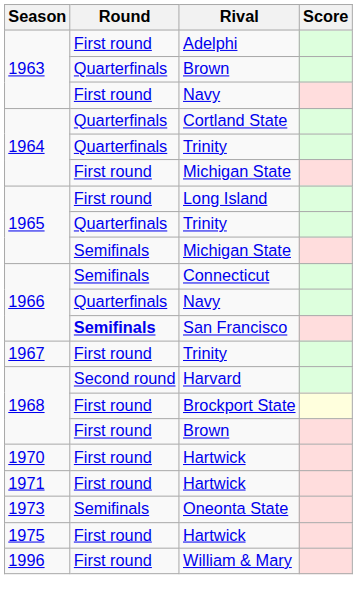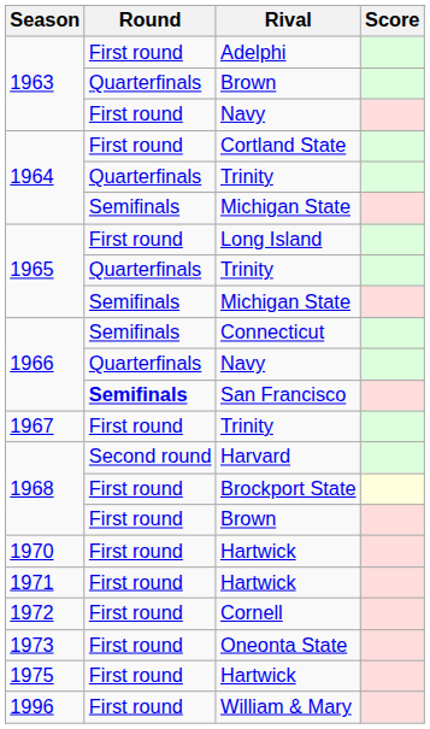 <table class="wikitable">
 <tr>
 <th>Season</th>
 <th>Round</th>
 <th>Rival</th>
 <th>Score</th>
 </tr>
 <tr>
 <td rowspan="3"><a href='#'>1963</a></td>
 <td><a href='#'>First round</a></td>
 <td><a href='#'>Adelphi</a></td>
 <td bgcolor="#ddffdd"></td>
 </tr>
 <tr>
 <td><a href='#'>Quarterfinals</a></td>
 <td><a href='#'>Brown</a></td>
 <td bgcolor="#ddffdd"></td>
 </tr>
 <tr>
 <td><a href='#'>First round</a></td>
 <td><a href='#'>Navy</a></td>
 <td bgcolor="#ffdddd"></td>
 </tr>
 <tr>
 <td rowspan="3"><a href='#'>1964</a></td>
-<td><a href='#'>Quarterfinals</a></td>
+<td><a href='#'>First round</a></td>
 <td><a href='#'>Cortland State</a></td>
 <td bgcolor="#ddffdd"></td>
 </tr>
 <tr>
 <td><a href='#'>Quarterfinals</a></td>
 <td><a href='#'>Trinity</a></td>
 <td bgcolor="#ddffdd"></td>
 </tr>
 <tr>
-<td><a href='#'>First round</a></td>
+<td><a href='#'>Semifinals</a></td>
 <td><a href='#'>Michigan State</a></td>
 <td bgcolor="#ffdddd"></td>
 </tr>
 <tr>
 <td rowspan="3"><a href='#'>1965</a></td>
 <td><a href='#'>First round</a></td>
 <td><a href='#'>Long Island</a></td>
 <td bgcolor="#ddffdd"></td>
 </tr>
 <tr>
 <td><a href='#'>Quarterfinals</a></td>
 <td><a href='#'>Trinity</a></td>
 <td bgcolor="#ddffdd"></td>
 </tr>
 <tr>
 <td><a href='#'>Semifinals</a></td>
 <td><a href='#'>Michigan State</a></td>
 <td bgcolor="#ffdddd"></td>
 </tr>
 <tr>
 <td rowspan="3"><a href='#'>1966</a></td>
 <td><a href='#'>Semifinals</a></td>
 <td><a href='#'>Connecticut</a></td>
 <td bgcolor="#ddffdd"></td>
 </tr>
 <tr>
 <td><a href='#'>Quarterfinals</a></td>
 <td><a href='#'>Navy</a></td>
 <td bgcolor="#ddffdd"></td>
 </tr>
 <tr>
 <td><strong><a href='#'>Semifinals</a></strong></td>
 <td><a href='#'>San Francisco</a></td>
 <td bgcolor="#ffdddd"></td>
 </tr>
 <tr>
 <td><a href='#'>1967</a></td>
 <td><a href='#'>First round</a></td>
 <td><a href='#'>Trinity</a></td>
 <td bgcolor="#ddffdd"></td>
 </tr>
 <tr>
 <td rowspan="3"><a href='#'>1968</a></td>
 <td><a href='#'>Second round</a></td>
 <td><a href='#'>Harvard</a></td>
 <td bgcolor="#ddffdd"></td>
 </tr>
 <tr>
 <td><a href='#'>First round</a></td>
 <td><a href='#'>Brockport State</a></td>
 <td bgcolor="#ffffdd"></td>
 </tr>
 <tr>
 <td><a href='#'>First round</a></td>
 <td><a href='#'>Brown</a></td>
 <td bgcolor="#ffdddd"></td>
 </tr>
 <tr>
 <td><a href='#'>1970</a></td>
 <td><a href='#'>First round</a></td>
 <td><a href='#'>Hartwick</a></td>
 <td bgcolor="#ffdddd"></td>
 </tr>
 <tr>
 <td><a href='#'>1971</a></td>
 <td><a href='#'>First round</a></td>
 <td><a href='#'>Hartwick</a></td>
 <td bgcolor="#ffdddd"></td>
 </tr>
 <tr>
+<td><a href='#'>1972</a></td>
+<td><a href='#'>First round</a></td>
+<td><a href='#'>Cornell</a></td>
+<td bgcolor="#ffdddd"></td>
+</tr>
+<tr>
 <td><a href='#'>1973</a></td>
-<td><a href='#'>Semifinals</a></td>
+<td><a href='#'>First round</a></td>
 <td><a href='#'>Oneonta State</a></td>
 <td bgcolor="#ffdddd"></td>
 </tr>
 <tr>
 <td><a href='#'>1975</a></td>
 <td><a href='#'>First round</a></td>
 <td><a href='#'>Hartwick</a></td>
 <td bgcolor="#ffdddd"></td>
 </tr>
 <tr>
 <td><a href='#'>1996</a></td>
 <td><a href='#'>First round</a></td>
 <td><a href='#'>William & Mary</a></td>
 <td bgcolor="#ffdddd"></td>
 </tr>
 </table>
